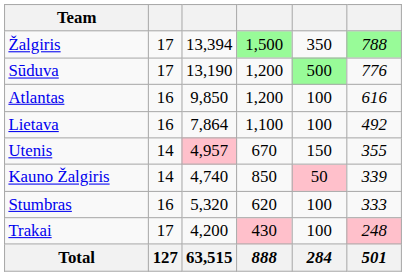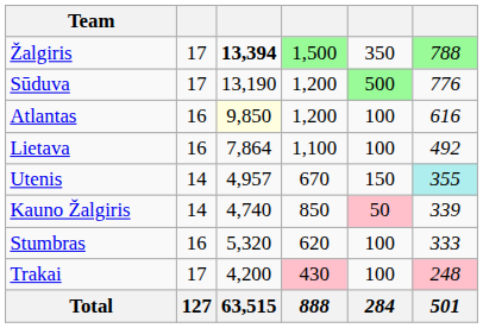 <table class="wikitable sortable">
 <tr>
 <th width=130>Team</th>
 <th></th>
 <th width=45></th>
 <th width=45></th>
 <th width=45></th>
 <th width=45></th>
 </tr>
 <tr>
 <td><a href='#'>Žalgiris</a></td>
 <td align=center>17</td>
-<td align=center>13,394</td>
+<td align=center><strong>13,394</strong></td>
 <td align=center bgcolor="#98FB98">1,500</td>
 <td align=center>350</td>
 <td align=center bgcolor="#98FB98"><em>788</em></td>
 </tr>
 <tr>
 <td><a href='#'>Sūduva</a></td>
 <td align=center>17</td>
 <td align=center>13,190</td>
 <td align=center>1,200</td>
 <td align=center bgcolor="#98FB98">500</td>
 <td align=center><em>776</em></td>
 </tr>
 <tr>
 <td><a href='#'>Atlantas</a></td>
 <td align=center>16</td>
-<td align=center>9,850</td>
+<td align=center style="background: lightyellow;">9,850</td>
 <td align=center>1,200</td>
 <td align=center>100</td>
 <td align=center><em>616</em></td>
 </tr>
 <tr>
 <td><a href='#'>Lietava</a></td>
 <td align=center>16</td>
 <td align=center>7,864</td>
 <td align=center>1,100</td>
 <td align=center>100</td>
 <td align=center><em>492</em></td>
 </tr>
 <tr>
 <td><a href='#'>Utenis</a></td>
 <td align=center>14</td>
-<td align=center style="background: pink;">4,957</td>
+<td align=center>4,957</td>
 <td align=center>670</td>
 <td align=center>150</td>
-<td align=center><em>355</em></td>
+<td align=center style="background: paleturquoise;"><em>355</em></td>
 </tr>
 <tr>
 <td><a href='#'>Kauno Žalgiris</a></td>
 <td align=center>14</td>
 <td align=center>4,740</td>
 <td align=center>850</td>
 <td align=center bgcolor="#FFC0CB">50</td>
 <td align=center><em>339</em></td>
 </tr>
 <tr>
 <td><a href='#'>Stumbras</a></td>
 <td align=center>16</td>
 <td align=center>5,320</td>
 <td align=center>620</td>
 <td align=center>100</td>
 <td align=center><em>333</em></td>
 </tr>
 <tr>
 <td><a href='#'>Trakai</a></td>
 <td align=center>17</td>
 <td align=center>4,200</td>
 <td align=center bgcolor="#FFC0CB">430</td>
 <td align=center>100</td>
 <td align=center bgcolor="#FFC0CB"><em>248</em></td>
 </tr>
 <tr>
 <th>Total</th>
 <th align=center>127</th>
 <th align=center>63,515</th>
 <th align=center><em>888</em></th>
 <th align=center><em>284</em></th>
 <th align=center><em>501</em></th>
 </tr>
 </table>
